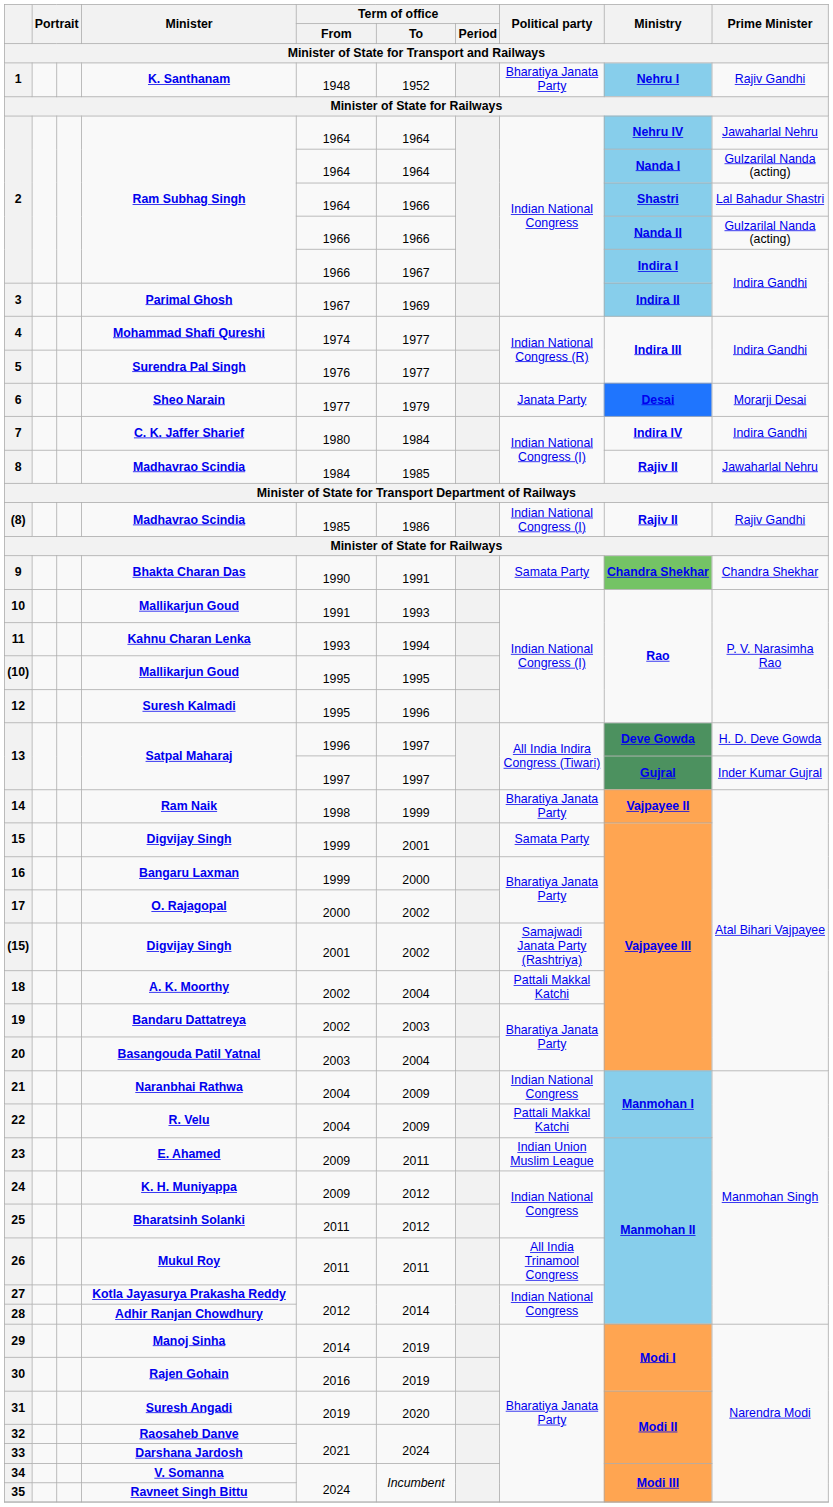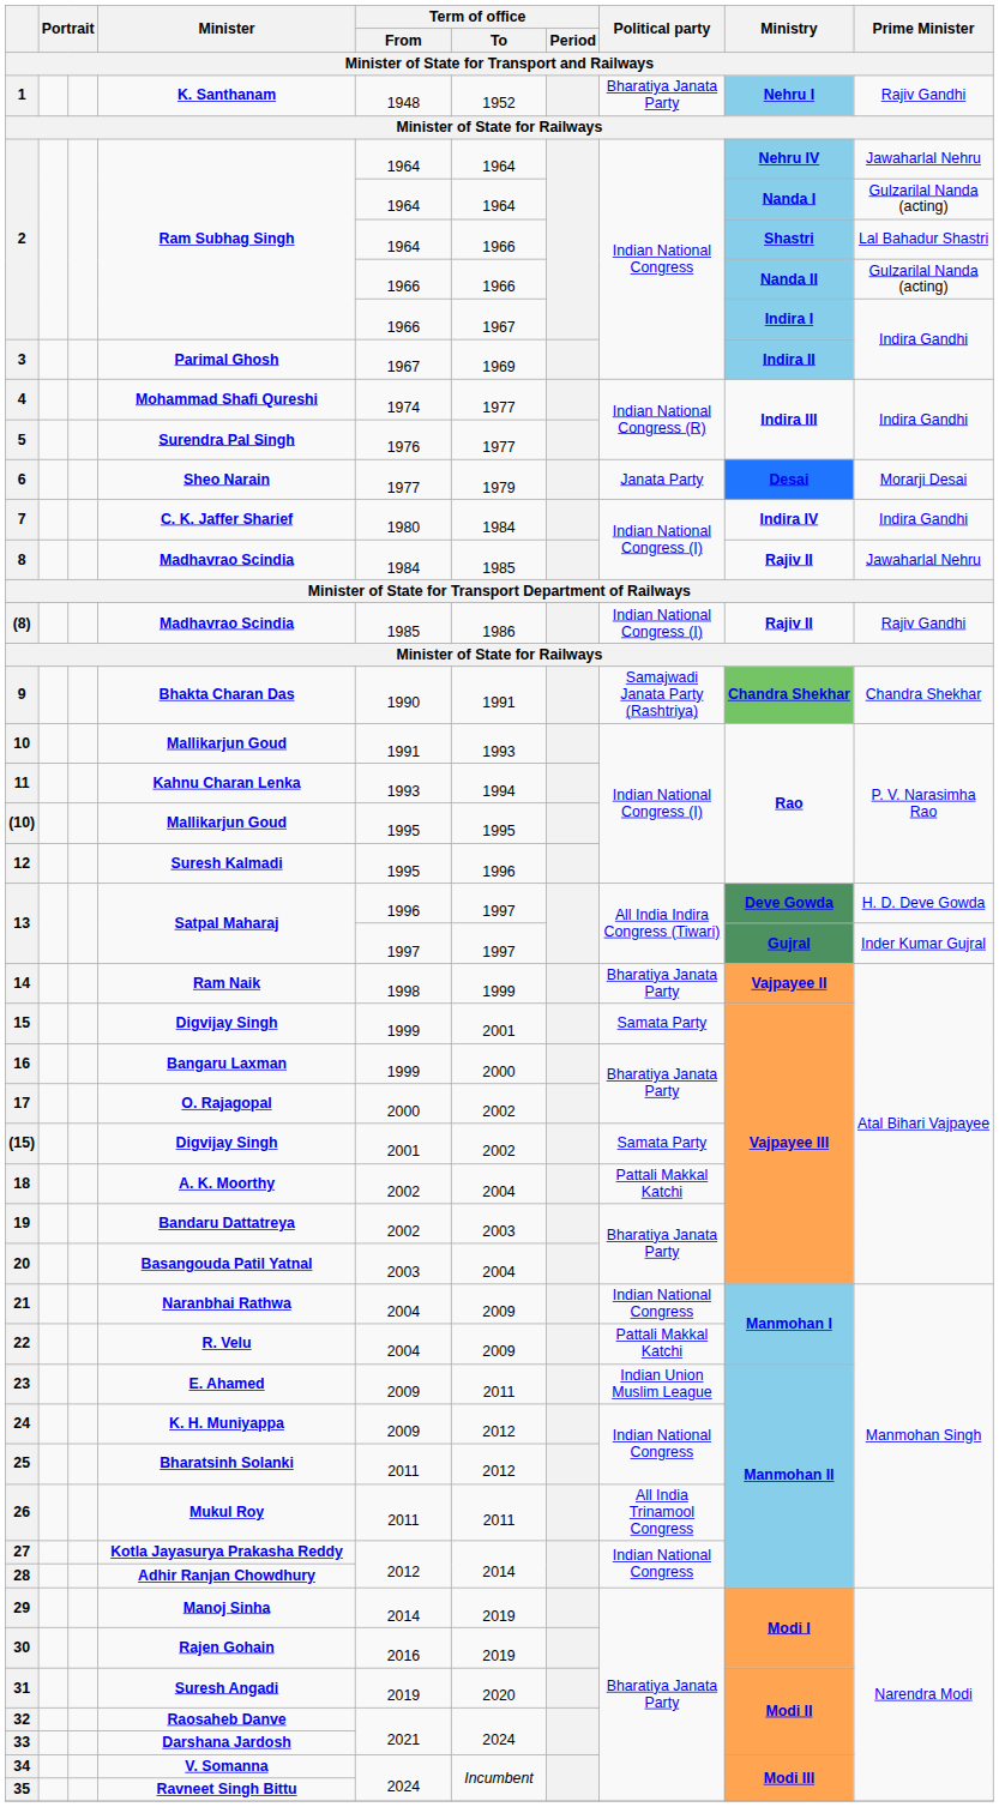 <table class="wikitable" style="text-align:center">
 <tr>
 <th rowspan="2"></th>
 <th rowspan="2" colspan="2">Portrait</th>
 <th rowspan="2" style="width:17em">Minister<br></th>
 <th colspan="3">Term of office</th>
 <th rowspan="2" style="width:8em">Political party</th>
 <th rowspan="2">Ministry</th>
 <th rowspan="2" style="width:9em">Prime Minister</th>
 </tr>
 <tr>
 <th style="width:6em">From</th>
 <th style="width:6em">To</th>
 <th>Period</th>
 </tr>
 <tr>
 <th colspan="10">Minister of State for Transport and Railways</th>
 </tr>
 <tr>
 <th>1</th>
 <td></td>
 <td></td>
 <td><strong><a href='#'>K. Santhanam</a></strong><br></td>
 <td><br>1948</td>
 <td><br>1952</td>
 <th></th>
 <td><a href='#'>Bharatiya Janata Party</a></td>
 <td bgcolor="#87CEEB"><strong><a href='#'>Nehru I</a></strong></td>
 <td><a href='#'>Rajiv Gandhi</a></td>
 </tr>
 <tr>
 <th colspan="10">Minister of State for Railways</th>
 </tr>
 <tr>
 <th rowspan="5">2</th>
 <td rowspan="5"></td>
 <td rowspan="5"></td>
 <td rowspan="5"><strong><a href='#'>Ram Subhag Singh</a></strong><br></td>
 <td><br>1964</td>
 <td><br>1964</td>
 <th rowspan="5"></th>
 <td rowspan="6"><a href='#'>Indian National Congress</a></td>
 <td bgcolor="#87CEEB"><strong><a href='#'>Nehru IV</a></strong></td>
 <td><a href='#'>Jawaharlal Nehru</a></td>
 </tr>
 <tr>
 <td><br>1964</td>
 <td><br>1964</td>
 <td bgcolor="#87CEEB"><strong><a href='#'>Nanda I</a></strong></td>
 <td><a href='#'>Gulzarilal Nanda</a><br>(acting)</td>
 </tr>
 <tr>
 <td><br>1964</td>
 <td><br>1966</td>
 <td bgcolor="#87CEEB"><strong><a href='#'>Shastri</a></strong></td>
 <td><a href='#'>Lal Bahadur Shastri</a></td>
 </tr>
 <tr>
 <td><br>1966</td>
 <td><br>1966</td>
 <td bgcolor="#87CEEB"><strong><a href='#'>Nanda II</a></strong></td>
 <td><a href='#'>Gulzarilal Nanda</a><br>(acting)</td>
 </tr>
 <tr>
 <td><br>1966</td>
 <td><br>1967</td>
 <td bgcolor="#87CEEB"><strong><a href='#'>Indira I</a></strong></td>
 <td rowspan="2"><a href='#'>Indira Gandhi</a></td>
 </tr>
 <tr>
 <th>3</th>
 <td></td>
 <td></td>
 <td><strong><a href='#'>Parimal Ghosh</a></strong><br></td>
 <td><br>1967</td>
 <td><br>1969</td>
 <th></th>
 <td bgcolor="#87CEEB"><strong><a href='#'>Indira II</a></strong></td>
 </tr>
 <tr>
 <th>4</th>
 <td></td>
 <td></td>
 <td><strong><a href='#'>Mohammad Shafi Qureshi</a></strong><br></td>
 <td><br>1974</td>
 <td><br>1977</td>
 <th></th>
 <td rowspan="2"><a href='#'>Indian National Congress (R)</a></td>
 <td rowspan="2"><strong><a href='#'>Indira III</a></strong></td>
 <td rowspan="2"><a href='#'>Indira Gandhi</a></td>
 </tr>
 <tr>
 <th>5</th>
 <td></td>
 <td></td>
 <td><strong><a href='#'>Surendra Pal Singh</a></strong><br></td>
 <td><br>1976</td>
 <td><br>1977</td>
 <th></th>
 </tr>
 <tr>
 <th>6</th>
 <td></td>
 <td></td>
 <td><strong><a href='#'>Sheo Narain</a></strong><br></td>
 <td><br>1977</td>
 <td><br>1979</td>
 <th></th>
 <td><a href='#'>Janata Party</a></td>
 <td bgcolor="#1F75FE"><strong><a href='#'>Desai</a></strong></td>
 <td><a href='#'>Morarji Desai</a></td>
 </tr>
 <tr>
 <th>7</th>
 <td></td>
 <td></td>
 <td><strong><a href='#'>C. K. Jaffer Sharief</a></strong><br></td>
 <td><br>1980</td>
 <td><br>1984</td>
 <th></th>
 <td rowspan="2"><a href='#'>Indian National Congress (I)</a></td>
 <td><strong><a href='#'>Indira IV</a></strong></td>
 <td><a href='#'>Indira Gandhi</a></td>
 </tr>
 <tr>
 <th>8</th>
 <td></td>
 <td></td>
 <td><strong><a href='#'>Madhavrao Scindia</a></strong><br></td>
 <td><br>1984</td>
 <td><br>1985</td>
 <th></th>
 <td><strong><a href='#'>Rajiv II</a></strong></td>
 <td><a href='#'>Jawaharlal Nehru</a></td>
 </tr>
 <tr>
 <th colspan="10">Minister of State for Transport  Department of Railways</th>
 </tr>
 <tr>
 <th>(8)</th>
 <td></td>
 <td></td>
 <td><strong><a href='#'>Madhavrao Scindia</a></strong><br></td>
 <td><br>1985</td>
 <td><br>1986</td>
 <th></th>
 <td><a href='#'>Indian National Congress (I)</a></td>
 <td><strong><a href='#'>Rajiv II</a></strong></td>
 <td><a href='#'>Rajiv Gandhi</a></td>
 </tr>
 <tr>
 <th colspan="10">Minister of State for Railways</th>
 </tr>
 <tr>
 <th>9</th>
 <td></td>
 <td></td>
 <td><strong><a href='#'>Bhakta Charan Das</a></strong><br></td>
 <td><br>1990</td>
 <td><br>1991</td>
 <th></th>
-<td><a href='#'>Samata Party</a></td>
+<td><a href='#'>Samajwadi Janata Party (Rashtriya)</a></td>
 <td style="background:#74C365"><strong><a href='#'>Chandra Shekhar</a></strong></td>
 <td><a href='#'>Chandra Shekhar</a></td>
 </tr>
 <tr>
 <th>10</th>
 <td></td>
 <td></td>
 <td><strong><a href='#'>Mallikarjun Goud</a></strong><br></td>
 <td><br>1991</td>
 <td><br>1993</td>
 <th></th>
 <td rowspan="4"><a href='#'>Indian National Congress (I)</a></td>
 <td rowspan="4"><a href='#'><strong>Rao</strong></a></td>
 <td rowspan="4"><a href='#'>P. V. Narasimha Rao</a></td>
 </tr>
 <tr>
 <th>11</th>
 <td></td>
 <td></td>
 <td><strong><a href='#'>Kahnu Charan Lenka</a></strong><br></td>
 <td><br>1993</td>
 <td><br>1994</td>
 <th></th>
 </tr>
 <tr>
 <th>(10)</th>
 <td></td>
 <td></td>
 <td><strong><a href='#'>Mallikarjun Goud</a></strong><br></td>
 <td><br>1995</td>
 <td><br>1995</td>
 <th></th>
 </tr>
 <tr>
 <th>12</th>
 <td></td>
 <td></td>
 <td><strong><a href='#'>Suresh Kalmadi</a></strong><br></td>
 <td><br>1995</td>
 <td><br>1996</td>
 <th></th>
 </tr>
 <tr>
 <th rowspan="2">13</th>
 <td rowspan="2"></td>
 <td rowspan="2"></td>
 <td rowspan="2"><strong><a href='#'>Satpal Maharaj</a></strong><br></td>
 <td><br>1996</td>
 <td><br>1997</td>
 <th rowspan="2"></th>
 <td rowspan="2"><a href='#'>All India Indira Congress (Tiwari)</a></td>
 <td style="background:#4C915F"><strong><a href='#'>Deve Gowda</a></strong></td>
 <td><a href='#'>H. D. Deve Gowda</a></td>
 </tr>
 <tr>
 <td><br>1997</td>
 <td><br>1997</td>
 <td style="background:#4C915F"><strong><a href='#'>Gujral</a></strong></td>
 <td><a href='#'>Inder Kumar Gujral</a></td>
 </tr>
 <tr>
 <th>14</th>
 <td></td>
 <td></td>
 <td><strong><a href='#'>Ram Naik</a></strong><br></td>
 <td><br>1998</td>
 <td><br>1999</td>
 <th></th>
 <td><a href='#'>Bharatiya Janata Party</a></td>
 <td style="background:#FFA551;"><strong><a href='#'>Vajpayee II</a></strong></td>
 <td rowspan="8"><a href='#'>Atal Bihari Vajpayee</a></td>
 </tr>
 <tr>
 <th>15</th>
 <td></td>
 <td></td>
 <td><strong><a href='#'>Digvijay Singh</a></strong><br></td>
 <td><br>1999</td>
 <td><br>2001</td>
 <th></th>
 <td><a href='#'>Samata Party</a></td>
 <td rowspan="7" style="background:#FFA551;"><strong><a href='#'>Vajpayee III</a></strong></td>
 </tr>
 <tr>
 <th>16</th>
 <td></td>
 <td></td>
 <td><strong><a href='#'>Bangaru Laxman</a></strong><br></td>
 <td><br>1999</td>
 <td><br>2000</td>
 <th></th>
 <td rowspan="2"><a href='#'>Bharatiya Janata Party</a></td>
 </tr>
 <tr>
 <th>17</th>
 <td></td>
 <td></td>
 <td><strong><a href='#'>O. Rajagopal</a></strong><br></td>
 <td><br>2000</td>
 <td><br>2002</td>
 <th></th>
 </tr>
 <tr>
 <th>(15)</th>
 <td></td>
 <td></td>
 <td><strong><a href='#'>Digvijay Singh</a></strong><br></td>
 <td><br>2001</td>
 <td><br>2002</td>
 <th></th>
-<td><a href='#'>Samajwadi Janata Party (Rashtriya)</a></td>
+<td><a href='#'>Samata Party</a></td>
 </tr>
 <tr>
 <th>18</th>
 <td></td>
 <td></td>
 <td><strong><a href='#'>A. K. Moorthy</a></strong><br></td>
 <td><br>2002</td>
 <td><br>2004</td>
 <th></th>
 <td><a href='#'>Pattali Makkal Katchi</a></td>
 </tr>
 <tr>
 <th>19</th>
 <td></td>
 <td></td>
 <td><strong><a href='#'>Bandaru Dattatreya</a></strong><br></td>
 <td><br>2002</td>
 <td><br>2003</td>
 <th></th>
 <td rowspan="2"><a href='#'>Bharatiya Janata Party</a></td>
 </tr>
 <tr>
 <th>20</th>
 <td></td>
 <td></td>
 <td><strong><a href='#'>Basangouda Patil Yatnal</a></strong><br></td>
 <td><br>2003</td>
 <td><br>2004</td>
 <th></th>
 </tr>
 <tr>
 <th>21</th>
 <td></td>
 <td></td>
 <td><strong><a href='#'>Naranbhai Rathwa</a></strong><br></td>
 <td><br>2004</td>
 <td><br>2009</td>
 <th></th>
 <td><a href='#'>Indian National Congress</a></td>
 <td rowspan="2" bgcolor="#87CEEB"><a href='#'><strong>Manmohan I</strong></a></td>
 <td rowspan="8"><a href='#'>Manmohan Singh</a></td>
 </tr>
 <tr>
 <th>22</th>
 <td></td>
 <td></td>
 <td><strong><a href='#'>R. Velu</a></strong><br></td>
 <td><br>2004</td>
 <td><br>2009</td>
 <th></th>
 <td><a href='#'>Pattali Makkal Katchi</a></td>
 </tr>
 <tr>
 <th>23</th>
 <td style="background:"></td>
 <td></td>
 <td><strong><a href='#'>E. Ahamed</a></strong><br></td>
 <td><br>2009</td>
 <td><br>2011</td>
 <th></th>
 <td><a href='#'>Indian Union Muslim League</a></td>
 <td rowspan="6" bgcolor="#87CEEB"><a href='#'><strong>Manmohan II</strong></a></td>
 </tr>
 <tr>
 <th>24</th>
 <td></td>
 <td></td>
 <td><strong><a href='#'>K. H. Muniyappa</a></strong><br></td>
 <td><br>2009</td>
 <td><br>2012</td>
 <th></th>
 <td rowspan="2"><a href='#'>Indian National Congress</a></td>
 </tr>
 <tr>
 <th>25</th>
 <td></td>
 <td></td>
 <td><strong><a href='#'>Bharatsinh Solanki</a></strong><br></td>
 <td><br>2011</td>
 <td><br>2012</td>
 <th></th>
 </tr>
 <tr>
 <th>26</th>
 <td></td>
 <td></td>
 <td><strong><a href='#'>Mukul Roy</a></strong><br></td>
 <td><br>2011</td>
 <td><br>2011</td>
 <th></th>
 <td><a href='#'>All India Trinamool Congress</a></td>
 </tr>
 <tr>
 <th>27</th>
 <td></td>
 <td></td>
 <td><strong><a href='#'>Kotla Jayasurya Prakasha Reddy</a></strong><br></td>
 <td rowspan="2"><br>2012</td>
 <td rowspan="2"><br>2014</td>
 <th rowspan="2"></th>
 <td rowspan="2"><a href='#'>Indian National Congress</a></td>
 </tr>
 <tr>
 <th>28</th>
 <td></td>
 <td></td>
 <td><strong><a href='#'>Adhir Ranjan Chowdhury</a></strong><br></td>
 </tr>
 <tr>
 <th>29</th>
 <td></td>
 <td></td>
 <td><strong><a href='#'>Manoj Sinha</a></strong><br></td>
 <td><br>2014</td>
 <td><br>2019</td>
 <th></th>
 <td rowspan="7"><a href='#'>Bharatiya Janata Party</a></td>
 <td rowspan="2" style="background:#FFA551;"><strong><a href='#'>Modi I</a></strong></td>
 <td rowspan="7"><a href='#'>Narendra Modi</a></td>
 </tr>
 <tr>
 <th>30</th>
 <td></td>
 <td></td>
 <td><strong><a href='#'>Rajen Gohain</a></strong><br></td>
 <td><br>2016</td>
 <td><br>2019</td>
 <th></th>
 </tr>
 <tr>
 <th>31</th>
 <td></td>
 <td></td>
 <td><strong><a href='#'>Suresh Angadi</a></strong><br></td>
 <td><br>2019</td>
 <td><br>2020</td>
 <th></th>
 <td rowspan="3" style="background:#FFA551;"><strong><a href='#'>Modi II</a></strong></td>
 </tr>
 <tr>
 <th>32</th>
 <td></td>
 <td></td>
 <td><strong><a href='#'>Raosaheb Danve</a></strong><br></td>
 <td rowspan="2"><br>2021</td>
 <td rowspan="2"><br>2024</td>
 <th rowspan="2"></th>
 </tr>
 <tr>
 <th>33</th>
 <td></td>
 <td></td>
 <td><strong><a href='#'>Darshana Jardosh</a></strong><br></td>
 </tr>
 <tr>
 <th>34</th>
 <td></td>
 <td></td>
 <td><strong><a href='#'>V. Somanna</a></strong><br></td>
 <td rowspan="2"><br>2024</td>
 <td rowspan="2"><em>Incumbent</em></td>
 <th rowspan="2"></th>
 <td rowspan="2" style="background:#FFA551;"><strong><a href='#'>Modi III</a></strong></td>
 </tr>
 <tr>
 <th>35</th>
 <td></td>
 <td></td>
 <td><strong><a href='#'>Ravneet Singh Bittu</a></strong><br></td>
 </tr>
 <tr>
 </tr>
 </table>
